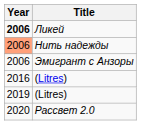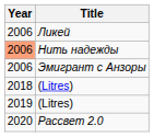 <table class="wikitable">
 <tr>
 <th>Year</th>
 <th>Title</th>
 </tr>
 <tr>
-<td><strong>2006</strong></td>
+<td>2006</td>
 <td><em>Ликей</em></td>
 </tr>
 <tr>
 <td style="background: lightsalmon;">2006</td>
 <td><em>Нить надежды</em></td>
 </tr>
 <tr>
 <td>2006</td>
 <td><em>Эмигрант с Анзоры</em></td>
 </tr>
 <tr>
-<td>2016</td>
+<td>2018</td>
 <td> (<a href='#'>Litres</a>)</td>
 </tr>
 <tr>
 <td>2019</td>
 <td> (Litres)</td>
 </tr>
 <tr>
 <td>2020</td>
 <td><em>Рассвет 2.0</em></td>
 </tr>
 </table>
